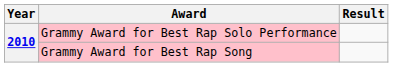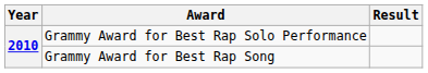 <table class="wikitable plainrowheaders">
 <tr>
 <th>Year</th>
 <th>Award</th>
 <th>Result</th>
 </tr>
 <tr>
 <th scope="row" rowspan="2"><a href='#'>2010</a></th>
-<td style="background: pink;">Grammy Award for Best Rap Solo Performance</td>
+<td>Grammy Award for Best Rap Solo Performance</td>
 <td></td>
 </tr>
 <tr>
-<td style="background: pink;">Grammy Award for Best Rap Song</td>
+<td>Grammy Award for Best Rap Song</td>
 <td></td>
 </tr>
 </table>
